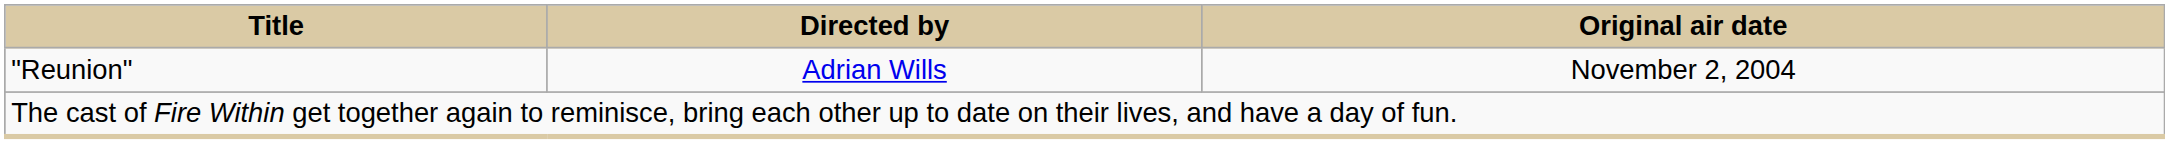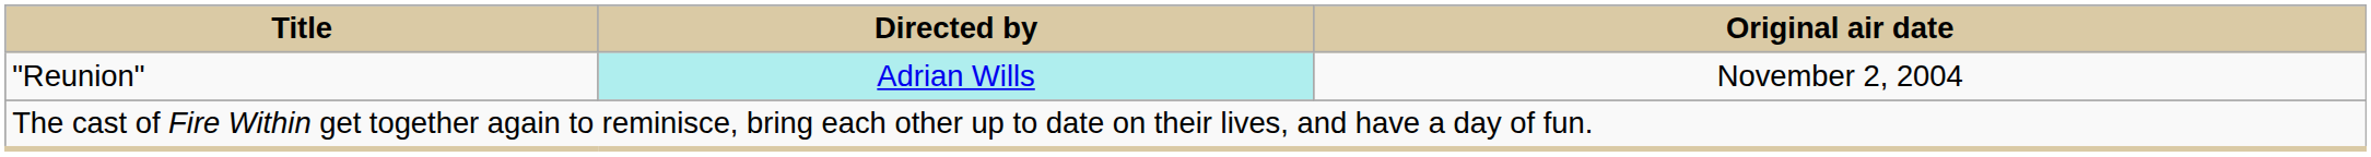 <table class="wikitable plainrowheaders" width="100%" style="text-align:center;">
 <tr style="background-color:#DACAA5;color:#000000;font-weight:bold;">
 <td>Title</td>
 <td>Directed by</td>
 <td>Original air date</td>
 </tr>
 <tr>
 <td align=left>"Reunion"</td>
-<td><a href='#'>Adrian Wills</a></td>
+<td style="background: paleturquoise;"><a href='#'>Adrian Wills</a></td>
 <td>November 2, 2004</td>
 </tr>
 <tr>
 <td colspan=3 align=left style="border-bottom:3px solid #DACAA5;">The cast of <em>Fire Within</em> get together again to reminisce, bring each other up to date on their lives, and have a day of fun.</td>
 </tr>
 </table>
